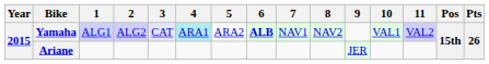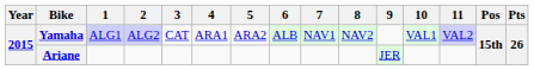 <table class="wikitable" style="text-align:center;">
 <tr>
 <th>Year</th>
 <th>Bike</th>
 <th>1</th>
 <th>2</th>
 <th>3</th>
 <th>4</th>
 <th>5</th>
 <th>6</th>
 <th>7</th>
 <th>8</th>
 <th>9</th>
 <th>10</th>
 <th>11</th>
 <th>Pos</th>
 <th>Pts</th>
 </tr>
 <tr>
 <th rowspan="2"><a href='#'>2015</a></th>
 <th><a href='#'>Yamaha</a></th>
 <td style="background:#CFCFFF;"><a href='#'>ALG1</a><br></td>
 <td style="background:#CFCFFF;"><a href='#'>ALG2</a><br></td>
-<td style="background: lavender;"><a href='#'>CAT</a></td>
-<td style="background: paleturquoise;"><a href='#'>ARA1</a></td>
+<td><a href='#'>CAT</a></td>
+<td><a href='#'>ARA1</a></td>
 <td><a href='#'>ARA2</a></td>
-<td style="background:#DFFFDF;"><strong><a href='#'>ALB</a><br></strong></td>
+<td style="background:#DFFFDF;"><a href='#'>ALB</a><br></td>
 <td style="background:#DFFFDF;"><a href='#'>NAV1</a><br></td>
 <td style="background:#DFFFDF;"><a href='#'>NAV2</a><br></td>
 <td></td>
 <td style="background:#DFFFDF;"><a href='#'>VAL1</a><br></td>
 <td style="background:#CFCFFF;"><a href='#'>VAL2</a><br></td>
 <th rowspan="2">15th</th>
 <th rowspan="2">26</th>
 </tr>
 <tr>
 <th><a href='#'>Ariane</a></th>
 <td></td>
 <td></td>
 <td></td>
 <td></td>
 <td></td>
 <td></td>
 <td></td>
 <td></td>
 <td style="background:#DFFFDF;"><a href='#'>JER</a><br></td>
 <td></td>
 <td></td>
 </tr>
 </table>
